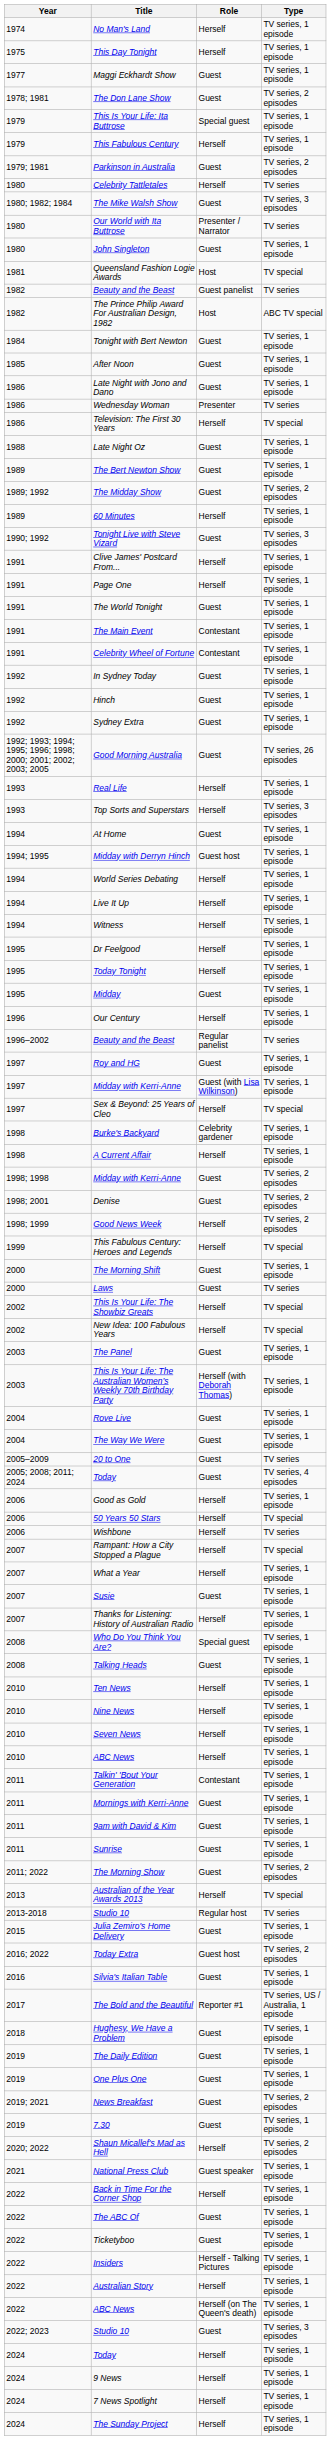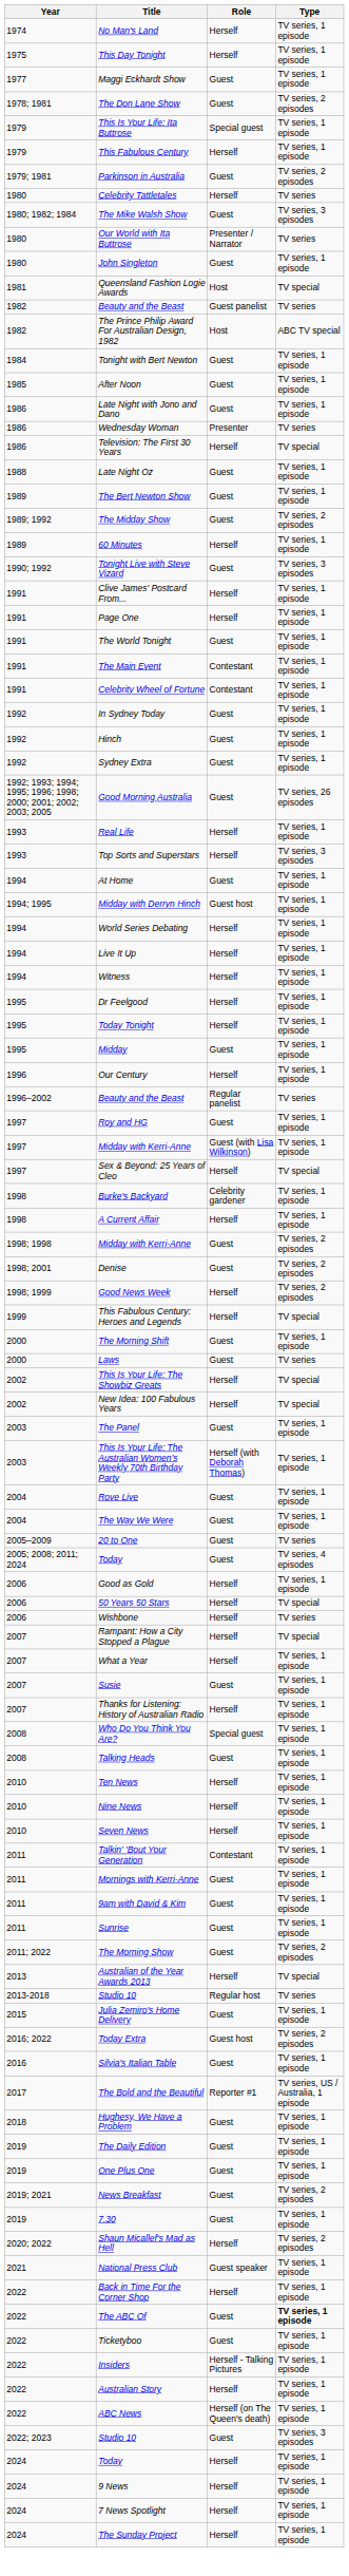 <table class="wikitable">
 <tr>
 <th>Year</th>
 <th>Title</th>
 <th>Role</th>
 <th>Type</th>
 </tr>
 <tr>
 <td>1974</td>
 <td><em><a href='#'>No Man's Land</a></em></td>
 <td>Herself</td>
 <td>TV series, 1 episode</td>
 </tr>
 <tr>
 <td>1975</td>
 <td><em><a href='#'>This Day Tonight</a></em></td>
 <td>Herself</td>
 <td>TV series, 1 episode</td>
 </tr>
 <tr>
 <td>1977</td>
 <td><em>Maggi Eckhardt Show</em></td>
 <td>Guest</td>
 <td>TV series, 1 episode</td>
 </tr>
 <tr>
 <td>1978; 1981</td>
 <td><em><a href='#'>The Don Lane Show</a></em></td>
 <td>Guest</td>
 <td>TV series, 2 episodes</td>
 </tr>
 <tr>
 <td>1979</td>
 <td><em><a href='#'>This Is Your Life: Ita Buttrose</a></em></td>
 <td>Special guest</td>
 <td>TV series, 1 episode</td>
 </tr>
 <tr>
 <td>1979</td>
 <td><em><a href='#'>This Fabulous Century</a></em></td>
 <td>Herself</td>
 <td>TV series, 1 episode</td>
 </tr>
 <tr>
 <td>1979; 1981</td>
 <td><em><a href='#'>Parkinson in Australia</a></em></td>
 <td>Guest</td>
 <td>TV series, 2 episodes</td>
 </tr>
 <tr>
 <td>1980</td>
 <td><em><a href='#'>Celebrity Tattletales</a></em></td>
 <td>Herself</td>
 <td>TV series</td>
 </tr>
 <tr>
 <td>1980; 1982; 1984</td>
 <td><em><a href='#'>The Mike Walsh Show</a></em></td>
 <td>Guest</td>
 <td>TV series, 3 episodes</td>
 </tr>
 <tr>
 <td>1980</td>
 <td><em><a href='#'>Our World with Ita Buttrose</a></em></td>
 <td>Presenter / Narrator</td>
 <td>TV series</td>
 </tr>
 <tr>
 <td>1980</td>
 <td><em><a href='#'>John Singleton</a></em></td>
 <td>Guest</td>
 <td>TV series, 1 episode</td>
 </tr>
 <tr>
 <td>1981</td>
 <td><em>Queensland Fashion Logie Awards</em></td>
 <td>Host</td>
 <td>TV special</td>
 </tr>
 <tr>
 <td>1982</td>
 <td><em><a href='#'>Beauty and the Beast</a></em></td>
 <td>Guest panelist</td>
 <td>TV series</td>
 </tr>
 <tr>
 <td>1982</td>
 <td><em>The Prince Philip Award For Australian Design, 1982</em></td>
 <td>Host</td>
 <td>ABC TV special</td>
 </tr>
 <tr>
 <td>1984</td>
 <td><em>Tonight with Bert Newton</em></td>
 <td>Guest</td>
 <td>TV series, 1 episode</td>
 </tr>
 <tr>
 <td>1985</td>
 <td><em>After Noon</em></td>
 <td>Guest</td>
 <td>TV series, 1 episode</td>
 </tr>
 <tr>
 <td>1986</td>
 <td><em>Late Night with Jono and Dano</em></td>
 <td>Guest</td>
 <td>TV series, 1 episode</td>
 </tr>
 <tr>
 <td>1986</td>
 <td><em>Wednesday Woman</em></td>
 <td>Presenter</td>
 <td>TV series</td>
 </tr>
 <tr>
 <td>1986</td>
 <td><em>Television: The First 30 Years</em></td>
 <td>Herself</td>
 <td>TV special</td>
 </tr>
 <tr>
 <td>1988</td>
 <td><em>Late Night Oz</em></td>
 <td>Guest</td>
 <td>TV series, 1 episode</td>
 </tr>
 <tr>
 <td>1989</td>
 <td><em><a href='#'>The Bert Newton Show</a></em></td>
 <td>Guest</td>
 <td>TV series, 1 episode</td>
 </tr>
 <tr>
 <td>1989; 1992</td>
 <td><em><a href='#'>The Midday Show</a></em></td>
 <td>Guest</td>
 <td>TV series, 2 episodes</td>
 </tr>
 <tr>
 <td>1989</td>
 <td><em><a href='#'>60 Minutes</a></em></td>
 <td>Herself</td>
 <td>TV series, 1 episode</td>
 </tr>
 <tr>
 <td>1990; 1992</td>
 <td><em><a href='#'>Tonight Live with Steve Vizard</a></em></td>
 <td>Guest</td>
 <td>TV series, 3 episodes</td>
 </tr>
 <tr>
 <td>1991</td>
 <td><em>Clive James' Postcard From...</em></td>
 <td>Herself</td>
 <td>TV series, 1 episode</td>
 </tr>
 <tr>
 <td>1991</td>
 <td><em>Page One</em></td>
 <td>Herself</td>
 <td>TV series, 1 episode</td>
 </tr>
 <tr>
 <td>1991</td>
 <td><em>The World Tonight</em></td>
 <td>Guest</td>
 <td>TV series, 1 episode</td>
 </tr>
 <tr>
 <td>1991</td>
 <td><em><a href='#'>The Main Event</a></em></td>
 <td>Contestant</td>
 <td>TV series, 1 episode</td>
 </tr>
 <tr>
 <td>1991</td>
 <td><em><a href='#'>Celebrity Wheel of Fortune</a></em></td>
 <td>Contestant</td>
 <td>TV series, 1 episode</td>
 </tr>
 <tr>
 <td>1992</td>
 <td><em>In Sydney Today</em></td>
 <td>Guest</td>
 <td>TV series, 1 episode</td>
 </tr>
 <tr>
 <td>1992</td>
 <td><em>Hinch</em></td>
 <td>Guest</td>
 <td>TV series, 1 episode</td>
 </tr>
 <tr>
 <td>1992</td>
 <td><em>Sydney Extra</em></td>
 <td>Guest</td>
 <td>TV series, 1 episode</td>
 </tr>
 <tr>
 <td>1992; 1993; 1994; 1995; 1996; 1998; 2000; 2001; 2002; 2003; 2005</td>
 <td><em><a href='#'>Good Morning Australia</a></em></td>
 <td>Guest</td>
 <td>TV series, 26 episodes</td>
 </tr>
 <tr>
 <td>1993</td>
 <td><em><a href='#'>Real Life</a></em></td>
 <td>Herself</td>
 <td>TV series, 1 episode</td>
 </tr>
 <tr>
 <td>1993</td>
 <td><em>Top Sorts and Superstars</em></td>
 <td>Herself</td>
 <td>TV series, 3 episodes</td>
 </tr>
 <tr>
 <td>1994</td>
 <td><em>At Home</em></td>
 <td>Guest</td>
 <td>TV series, 1 episode</td>
 </tr>
 <tr>
 <td>1994; 1995</td>
 <td><em><a href='#'>Midday with Derryn Hinch</a></em></td>
 <td>Guest host</td>
 <td>TV series, 1 episode</td>
 </tr>
 <tr>
 <td>1994</td>
 <td><em>World Series Debating</em></td>
 <td>Herself</td>
 <td>TV series, 1 episode</td>
 </tr>
 <tr>
 <td>1994</td>
 <td><em>Live It Up</em></td>
 <td>Herself</td>
 <td>TV series, 1 episode</td>
 </tr>
 <tr>
 <td>1994</td>
 <td><em>Witness</em></td>
 <td>Herself</td>
 <td>TV series, 1 episode</td>
 </tr>
 <tr>
 <td>1995</td>
 <td><em>Dr Feelgood</em></td>
 <td>Herself</td>
 <td>TV series, 1 episode</td>
 </tr>
 <tr>
 <td>1995</td>
 <td><em><a href='#'>Today Tonight</a></em></td>
 <td>Herself</td>
 <td>TV series, 1 episode</td>
 </tr>
 <tr>
 <td>1995</td>
 <td><em><a href='#'>Midday</a></em></td>
 <td>Guest</td>
 <td>TV series, 1 episode</td>
 </tr>
 <tr>
 <td>1996</td>
 <td><em>Our Century</em></td>
 <td>Herself</td>
 <td>TV series, 1 episode</td>
 </tr>
 <tr>
 <td>1996–2002</td>
 <td><em><a href='#'>Beauty and the Beast</a></em></td>
 <td>Regular panelist</td>
 <td>TV series</td>
 </tr>
 <tr>
 <td>1997</td>
 <td><em><a href='#'>Roy and HG</a></em></td>
 <td>Guest</td>
 <td>TV series, 1 episode</td>
 </tr>
 <tr>
 <td>1997</td>
 <td><em><a href='#'>Midday with Kerri-Anne</a></em></td>
 <td>Guest (with <a href='#'>Lisa Wilkinson</a>)</td>
 <td>TV series, 1 episode</td>
 </tr>
 <tr>
 <td>1997</td>
 <td><em>Sex & Beyond: 25 Years of Cleo</em></td>
 <td>Herself</td>
 <td>TV special</td>
 </tr>
 <tr>
 <td>1998</td>
 <td><em><a href='#'>Burke's Backyard</a></em></td>
 <td>Celebrity gardener</td>
 <td>TV series, 1 episode</td>
 </tr>
 <tr>
 <td>1998</td>
 <td><em><a href='#'>A Current Affair</a></em></td>
 <td>Herself</td>
 <td>TV series, 1 episode</td>
 </tr>
 <tr>
 <td>1998; 1998</td>
 <td><em><a href='#'>Midday with Kerri-Anne</a></em></td>
 <td>Guest</td>
 <td>TV series, 2 episodes</td>
 </tr>
 <tr>
 <td>1998; 2001</td>
 <td><em>Denise</em></td>
 <td>Guest</td>
 <td>TV series, 2 episodes</td>
 </tr>
 <tr>
 <td>1998; 1999</td>
 <td><em><a href='#'>Good News Week</a></em></td>
 <td>Herself</td>
 <td>TV series, 2 episodes</td>
 </tr>
 <tr>
 <td>1999</td>
 <td><em>This Fabulous Century: Heroes and Legends</em></td>
 <td>Herself</td>
 <td>TV special</td>
 </tr>
 <tr>
 <td>2000</td>
 <td><em><a href='#'>The Morning Shift</a></em></td>
 <td>Guest</td>
 <td>TV series, 1 episode</td>
 </tr>
 <tr>
 <td>2000</td>
 <td><em><a href='#'>Laws</a></em></td>
 <td>Guest</td>
 <td>TV series</td>
 </tr>
 <tr>
 <td>2002</td>
 <td><em><a href='#'>This Is Your Life: The Showbiz Greats</a></em></td>
 <td>Herself</td>
 <td>TV special</td>
 </tr>
 <tr>
 <td>2002</td>
 <td><em>New Idea: 100 Fabulous Years</em></td>
 <td>Herself</td>
 <td>TV special</td>
 </tr>
 <tr>
 <td>2003</td>
 <td><em><a href='#'>The Panel</a></em></td>
 <td>Guest</td>
 <td>TV series, 1 episode</td>
 </tr>
 <tr>
 <td>2003</td>
 <td><em><a href='#'>This Is Your Life: The Australian Women’s Weekly 70th Birthday Party</a></em></td>
 <td>Herself (with <a href='#'>Deborah Thomas</a>)</td>
 <td>TV series, 1 episode</td>
 </tr>
 <tr>
 <td>2004</td>
 <td><em><a href='#'>Rove Live</a></em></td>
 <td>Guest</td>
 <td>TV series, 1 episode</td>
 </tr>
 <tr>
 <td>2004</td>
 <td><em><a href='#'>The Way We Were</a></em></td>
 <td>Guest</td>
 <td>TV series, 1 episode</td>
 </tr>
 <tr>
 <td>2005–2009</td>
 <td><em><a href='#'>20 to One</a></em></td>
 <td>Guest</td>
 <td>TV series</td>
 </tr>
 <tr>
 <td>2005; 2008; 2011; 2024</td>
 <td><em><a href='#'>Today</a></em></td>
 <td>Guest</td>
 <td>TV series, 4 episodes</td>
 </tr>
 <tr>
 <td>2006</td>
 <td><em>Good as Gold</em></td>
 <td>Herself</td>
 <td>TV series, 1 episode</td>
 </tr>
 <tr>
 <td>2006</td>
 <td><em><a href='#'>50 Years 50 Stars</a></em></td>
 <td>Herself</td>
 <td>TV special</td>
 </tr>
 <tr>
 <td>2006</td>
 <td><em>Wishbone</em></td>
 <td>Herself</td>
 <td>TV series</td>
 </tr>
 <tr>
 <td>2007</td>
 <td><em>Rampant: How a City Stopped a Plague</em></td>
 <td>Herself</td>
 <td>TV special</td>
 </tr>
 <tr>
 <td>2007</td>
 <td><em>What a Year</em></td>
 <td>Herself</td>
 <td>TV series, 1 episode</td>
 </tr>
 <tr>
 <td>2007</td>
 <td><em><a href='#'>Susie</a></em></td>
 <td>Guest</td>
 <td>TV series, 1 episode</td>
 </tr>
 <tr>
 <td>2007</td>
 <td><em>Thanks for Listening: History of Australian Radio</em></td>
 <td>Herself</td>
 <td>TV series, 1 episode</td>
 </tr>
 <tr>
 <td>2008</td>
 <td><em><a href='#'>Who Do You Think You Are?</a></em></td>
 <td>Special guest</td>
 <td>TV series, 1 episode</td>
 </tr>
 <tr>
 <td>2008</td>
 <td><em><a href='#'>Talking Heads</a></em></td>
 <td>Guest</td>
 <td>TV series, 1 episode</td>
 </tr>
 <tr>
 <td>2010</td>
 <td><em><a href='#'>Ten News</a></em></td>
 <td>Herself</td>
 <td>TV series, 1 episode</td>
 </tr>
 <tr>
 <td>2010</td>
 <td><em><a href='#'>Nine News</a></em></td>
 <td>Herself</td>
 <td>TV series, 1 episode</td>
 </tr>
 <tr>
 <td>2010</td>
 <td><em><a href='#'>Seven News</a></em></td>
 <td>Herself</td>
 <td>TV series, 1 episode</td>
 </tr>
 <tr>
-<td>2010</td>
-<td><em><a href='#'>ABC News</a></em></td>
-<td>Herself</td>
-<td>TV series, 1 episode</td>
-</tr>
-<tr>
 <td>2011</td>
 <td><em><a href='#'>Talkin' 'Bout Your Generation</a></em></td>
 <td>Contestant</td>
 <td>TV series, 1 episode</td>
 </tr>
 <tr>
 <td>2011</td>
 <td><em><a href='#'>Mornings with Kerri-Anne</a></em></td>
 <td>Guest</td>
 <td>TV series, 1 episode</td>
 </tr>
 <tr>
 <td>2011</td>
 <td><em><a href='#'>9am with David & Kim</a></em></td>
 <td>Guest</td>
 <td>TV series, 1 episode</td>
 </tr>
 <tr>
 <td>2011</td>
 <td><em><a href='#'>Sunrise</a></em></td>
 <td>Guest</td>
 <td>TV series, 1 episode</td>
 </tr>
 <tr>
 <td>2011; 2022</td>
 <td><em><a href='#'>The Morning Show</a></em></td>
 <td>Guest</td>
 <td>TV series, 2 episodes</td>
 </tr>
 <tr>
 <td>2013</td>
 <td><em><a href='#'>Australian of the Year Awards 2013</a></em></td>
 <td>Herself</td>
 <td>TV special</td>
 </tr>
 <tr>
 <td>2013-2018</td>
 <td><em><a href='#'>Studio 10</a></em></td>
 <td>Regular host</td>
 <td>TV series</td>
 </tr>
 <tr>
 <td>2015</td>
 <td><em><a href='#'>Julia Zemiro's Home Delivery</a></em></td>
 <td>Guest</td>
 <td>TV series, 1 episode</td>
 </tr>
 <tr>
 <td>2016; 2022</td>
 <td><em><a href='#'>Today Extra</a></em></td>
 <td>Guest host</td>
 <td>TV series, 2 episodes</td>
 </tr>
 <tr>
 <td>2016</td>
 <td><em><a href='#'>Silvia's Italian Table</a></em></td>
 <td>Guest</td>
 <td>TV series, 1 episode</td>
 </tr>
 <tr>
 <td>2017</td>
 <td><em><a href='#'>The Bold and the Beautiful</a></em></td>
 <td>Reporter #1</td>
 <td>TV series, US / Australia, 1 episode</td>
 </tr>
 <tr>
 <td>2018</td>
 <td><em><a href='#'>Hughesy, We Have a Problem</a></em></td>
 <td>Guest</td>
 <td>TV series, 1 episode</td>
 </tr>
 <tr>
 <td>2019</td>
 <td><em><a href='#'>The Daily Edition</a></em></td>
 <td>Guest</td>
 <td>TV series, 1 episode</td>
 </tr>
 <tr>
 <td>2019</td>
 <td><em><a href='#'>One Plus One</a></em></td>
 <td>Guest</td>
 <td>TV series, 1 episode</td>
 </tr>
 <tr>
 <td>2019; 2021</td>
 <td><em><a href='#'>News Breakfast</a></em></td>
 <td>Guest</td>
 <td>TV series, 2 episodes</td>
 </tr>
 <tr>
 <td>2019</td>
 <td><em><a href='#'>7.30</a></em></td>
 <td>Guest</td>
 <td>TV series, 1 episode</td>
 </tr>
 <tr>
 <td>2020; 2022</td>
 <td><em><a href='#'>Shaun Micallef's Mad as Hell</a></em></td>
 <td>Herself</td>
 <td>TV series, 2 episodes</td>
 </tr>
 <tr>
 <td>2021</td>
 <td><em><a href='#'>National Press Club</a></em></td>
 <td>Guest speaker</td>
 <td>TV series, 1 episode</td>
 </tr>
 <tr>
 <td>2022</td>
 <td><em><a href='#'>Back in Time For the Corner Shop</a></em></td>
 <td>Herself</td>
 <td>TV series, 1 episode</td>
 </tr>
 <tr>
 <td>2022</td>
 <td><em><a href='#'>The ABC Of</a></em></td>
 <td>Guest</td>
-<td>TV series, 1 episode</td>
+<td><strong>TV series, 1 episode</strong></td>
 </tr>
 <tr>
 <td>2022</td>
 <td><em>Ticketyboo</em></td>
 <td>Guest</td>
 <td>TV series, 1 episode</td>
 </tr>
 <tr>
 <td>2022</td>
 <td><em><a href='#'>Insiders</a></em></td>
 <td>Herself - Talking Pictures</td>
 <td>TV series, 1 episode</td>
 </tr>
 <tr>
 <td>2022</td>
 <td><em><a href='#'>Australian Story</a></em></td>
 <td>Herself</td>
 <td>TV series, 1 episode</td>
 </tr>
 <tr>
 <td>2022</td>
 <td><em><a href='#'>ABC News</a></em></td>
 <td>Herself (on The Queen's death)</td>
 <td>TV series, 1 episode</td>
 </tr>
 <tr>
 <td>2022; 2023</td>
 <td><em><a href='#'>Studio 10</a></em></td>
 <td>Guest</td>
 <td>TV series, 3 episodes</td>
 </tr>
 <tr>
 <td>2024</td>
 <td><em><a href='#'>Today</a></em></td>
 <td>Herself</td>
 <td>TV series, 1 episode</td>
 </tr>
 <tr>
 <td>2024</td>
 <td><em>9 News</em></td>
 <td>Herself</td>
 <td>TV series, 1 episode</td>
 </tr>
 <tr>
 <td>2024</td>
 <td><em>7 News Spotlight</em></td>
 <td>Herself</td>
 <td>TV series, 1 episode</td>
 </tr>
 <tr>
 <td>2024</td>
 <td><em><a href='#'>The Sunday Project</a></em></td>
 <td>Herself</td>
 <td>TV series, 1 episode</td>
 </tr>
 </table>
